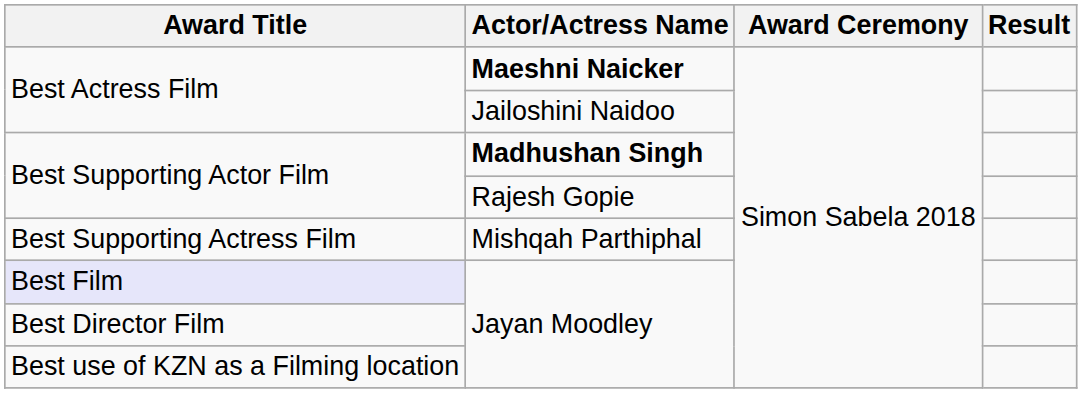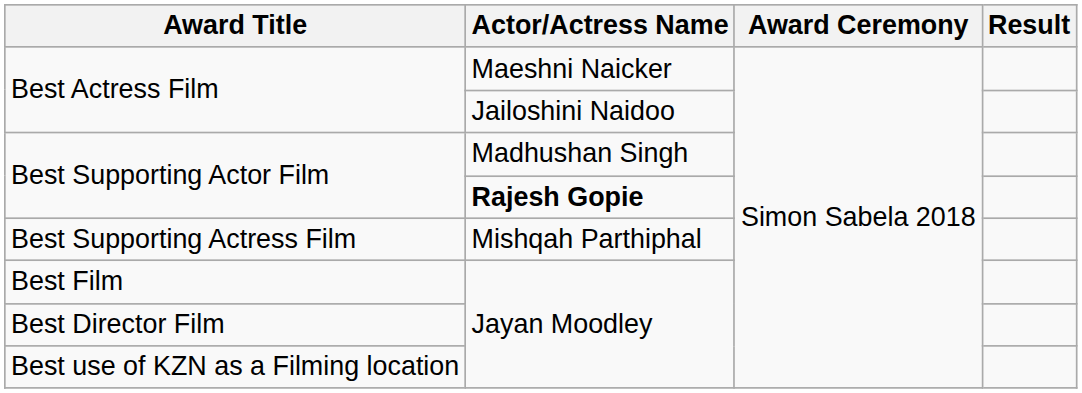 <table class="wikitable">
 <tr>
 <th>Award Title</th>
 <th>Actor/Actress Name</th>
 <th>Award Ceremony</th>
 <th>Result</th>
 </tr>
 <tr>
 <td rowspan="2">Best Actress Film</td>
-<td><strong>Maeshni Naicker</strong></td>
+<td>Maeshni Naicker</td>
 <td rowspan="8">Simon Sabela 2018</td>
 <td></td>
 </tr>
 <tr>
 <td>Jailoshini Naidoo</td>
 <td></td>
 </tr>
 <tr>
 <td rowspan="2">Best Supporting Actor Film</td>
-<td><strong>Madhushan Singh</strong></td>
+<td>Madhushan Singh</td>
 <td></td>
 </tr>
 <tr>
-<td>Rajesh Gopie</td>
+<td><strong>Rajesh Gopie</strong></td>
 <td></td>
 </tr>
 <tr>
 <td>Best Supporting Actress Film</td>
 <td>Mishqah Parthiphal</td>
 <td></td>
 </tr>
 <tr>
-<td style="background: lavender;">Best Film</td>
+<td>Best Film</td>
 <td rowspan="3">Jayan Moodley</td>
 <td></td>
 </tr>
 <tr>
 <td>Best Director Film</td>
 <td></td>
 </tr>
 <tr>
 <td>Best use of KZN as a Filming location</td>
 <td></td>
 </tr>
 </table>
